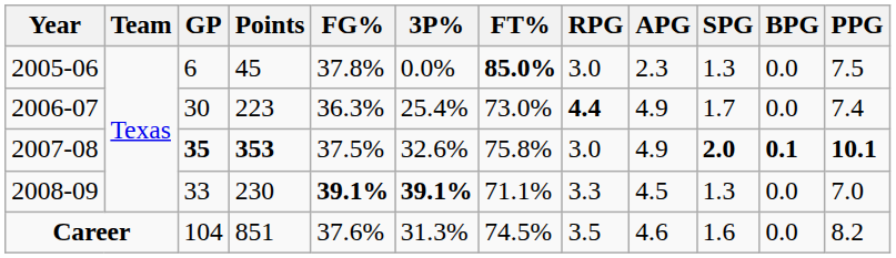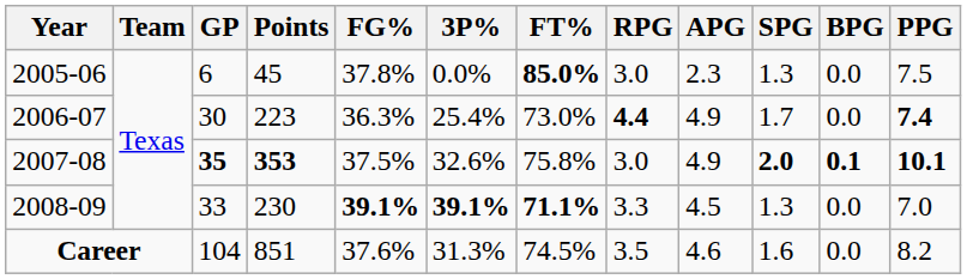 <table class="wikitable sortable">
 <tr>
 <th>Year</th>
 <th>Team</th>
 <th>GP</th>
 <th>Points</th>
 <th>FG%</th>
 <th>3P%</th>
 <th>FT%</th>
 <th>RPG</th>
 <th>APG</th>
 <th>SPG</th>
 <th>BPG</th>
 <th>PPG</th>
 </tr>
 <tr>
 <td>2005-06</td>
 <td rowspan=4><a href='#'>Texas</a></td>
 <td>6</td>
 <td>45</td>
 <td>37.8%</td>
 <td>0.0%</td>
 <td><strong>85.0%</strong></td>
 <td>3.0</td>
 <td>2.3</td>
 <td>1.3</td>
 <td>0.0</td>
 <td>7.5</td>
 </tr>
 <tr>
 <td>2006-07</td>
 <td>30</td>
 <td>223</td>
 <td>36.3%</td>
 <td>25.4%</td>
 <td>73.0%</td>
 <td><strong>4.4</strong></td>
 <td>4.9</td>
 <td>1.7</td>
 <td>0.0</td>
-<td>7.4</td>
+<td><strong>7.4</strong></td>
 </tr>
 <tr>
 <td>2007-08</td>
 <td><strong>35</strong></td>
 <td><strong>353</strong></td>
 <td>37.5%</td>
 <td>32.6%</td>
 <td>75.8%</td>
 <td>3.0</td>
 <td>4.9</td>
 <td><strong>2.0</strong></td>
 <td><strong>0.1</strong></td>
 <td><strong>10.1</strong></td>
 </tr>
 <tr>
 <td>2008-09</td>
 <td>33</td>
 <td>230</td>
 <td><strong>39.1%</strong></td>
 <td><strong>39.1%</strong></td>
-<td>71.1%</td>
+<td><strong>71.1%</strong></td>
 <td>3.3</td>
 <td>4.5</td>
 <td>1.3</td>
 <td>0.0</td>
 <td>7.0</td>
 </tr>
 <tr class="sortbottom">
 <td align=center colspan=2><strong>Career</strong></td>
 <td>104</td>
 <td>851</td>
 <td>37.6%</td>
 <td>31.3%</td>
 <td>74.5%</td>
 <td>3.5</td>
 <td>4.6</td>
 <td>1.6</td>
 <td>0.0</td>
 <td>8.2</td>
 </tr>
 </table>
